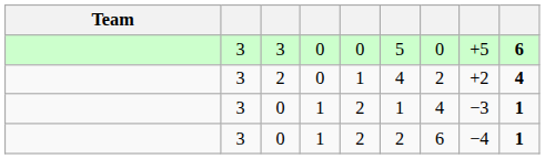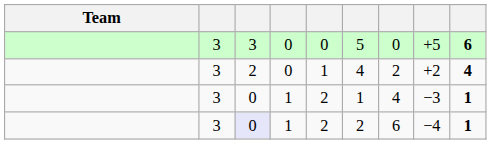 <table class="wikitable" style="text-align: center; font-size: 90%;">
 <tr>
 <th width="165">Team</th>
 <th width="25"></th>
 <th width="25"></th>
 <th width="25"></th>
 <th width="25"></th>
 <th width="25"></th>
 <th width="25"></th>
 <th width="25"></th>
 <th width="25"></th>
 </tr>
 <tr bgcolor=#ccffcc>
 <td align="left"></td>
 <td>3</td>
 <td>3</td>
 <td>0</td>
 <td>0</td>
 <td>5</td>
 <td>0</td>
 <td>+5</td>
 <td><strong>6</strong></td>
 </tr>
 <tr>
 <td align="left"></td>
 <td>3</td>
 <td>2</td>
 <td>0</td>
 <td>1</td>
 <td>4</td>
 <td>2</td>
 <td>+2</td>
 <td><strong>4</strong></td>
 </tr>
 <tr>
 <td align="left"></td>
 <td>3</td>
 <td>0</td>
 <td>1</td>
 <td>2</td>
 <td>1</td>
 <td>4</td>
 <td>−3</td>
 <td><strong>1</strong></td>
 </tr>
 <tr>
 <td align="left"></td>
 <td>3</td>
-<td>0</td>
+<td style="background: lavender;">0</td>
 <td>1</td>
 <td>2</td>
 <td>2</td>
 <td>6</td>
 <td>−4</td>
 <td><strong>1</strong></td>
 </tr>
 </table>
